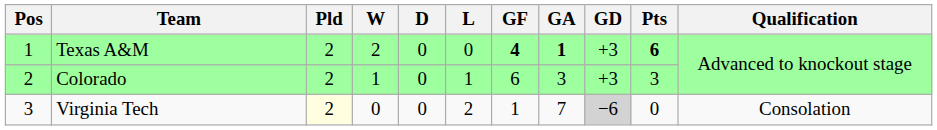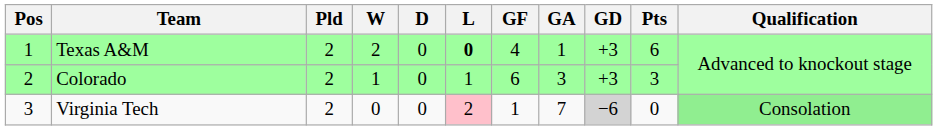 <table class="wikitable" style="text-align:center; margin: 1em auto">
 <tr>
 <th style="width:2em">Pos</th>
 <th style="width:13em">Team</th>
 <th style="width:2em">Pld</th>
 <th style="width:2em">W</th>
 <th style="width:2em">D</th>
 <th style="width:2em">L</th>
 <th style="width:2em">GF</th>
 <th style="width:2em">GA</th>
 <th style="width:2em">GD</th>
 <th style="width:2em">Pts</th>
 <th style="width:13em">Qualification</th>
 </tr>
 <tr bgcolor="#9eff9e">
 <td>1</td>
 <td style="text-align:left">Texas A&M</td>
 <td>2</td>
 <td>2</td>
 <td>0</td>
-<td>0</td>
-<td><strong>4</strong></td>
-<td><strong>1</strong></td>
+<td><strong>0</strong></td>
+<td>4</td>
+<td>1</td>
 <td>+3</td>
-<td><strong>6</strong></td>
+<td>6</td>
 <td rowspan="2">Advanced to knockout stage</td>
 </tr>
 <tr bgcolor="#9eff9e">
 <td>2</td>
 <td style="text-align:left">Colorado</td>
 <td>2</td>
 <td>1</td>
 <td>0</td>
 <td>1</td>
 <td>6</td>
 <td>3</td>
 <td>+3</td>
 <td>3</td>
 </tr>
 <tr>
 <td>3</td>
 <td style="text-align:left">Virginia Tech</td>
-<td style="background: lightyellow;">2</td>
+<td>2</td>
 <td>0</td>
 <td>0</td>
-<td>2</td>
+<td style="background: pink;">2</td>
 <td>1</td>
 <td>7</td>
 <td style="background: lightgrey;">−6</td>
 <td>0</td>
-<td>Consolation</td>
+<td style="background: lightgreen;">Consolation</td>
 </tr>
 </table>
